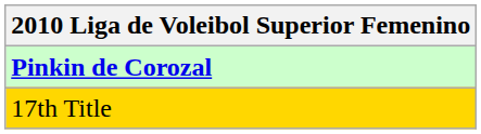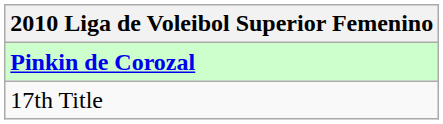 <table class="wikitable">
 <tr>
 <th>2010 Liga de Voleibol Superior Femenino</th>
 </tr>
 <tr bgcolor=#ccffcc>
 <td><strong><a href='#'>Pinkin de Corozal</a></strong></td>
 </tr>
 <tr>
-<td style="background: gold;">17th Title</td>
+<td>17th Title</td>
 </tr>
 </table>
